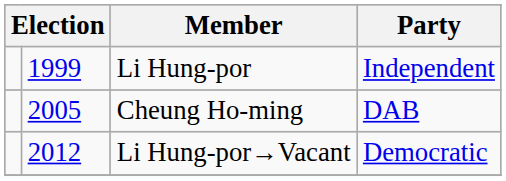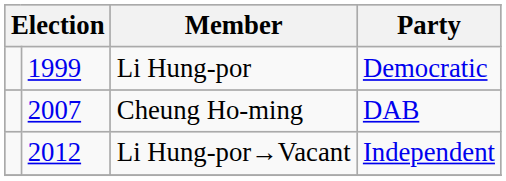 <table class="wikitable">
 <tr>
 <th colspan="2">Election</th>
 <th>Member</th>
 <th>Party</th>
 </tr>
 <tr>
 <td style="background-color: "></td>
 <td><a href='#'>1999</a></td>
 <td>Li Hung-por</td>
-<td><a href='#'>Independent</a></td>
+<td><a href='#'>Democratic</a></td>
 </tr>
 <tr>
 <td style="background-color: "></td>
-<td><a href='#'>2005</a></td>
+<td><a href='#'>2007</a></td>
 <td>Cheung Ho-ming</td>
 <td><a href='#'>DAB</a></td>
 </tr>
 <tr>
 <td style="background-color: "></td>
 <td><a href='#'>2012</a></td>
 <td>Li Hung-por→Vacant</td>
-<td><a href='#'>Democratic</a></td>
+<td><a href='#'>Independent</a></td>
 </tr>
 <tr>
 </tr>
 </table>
